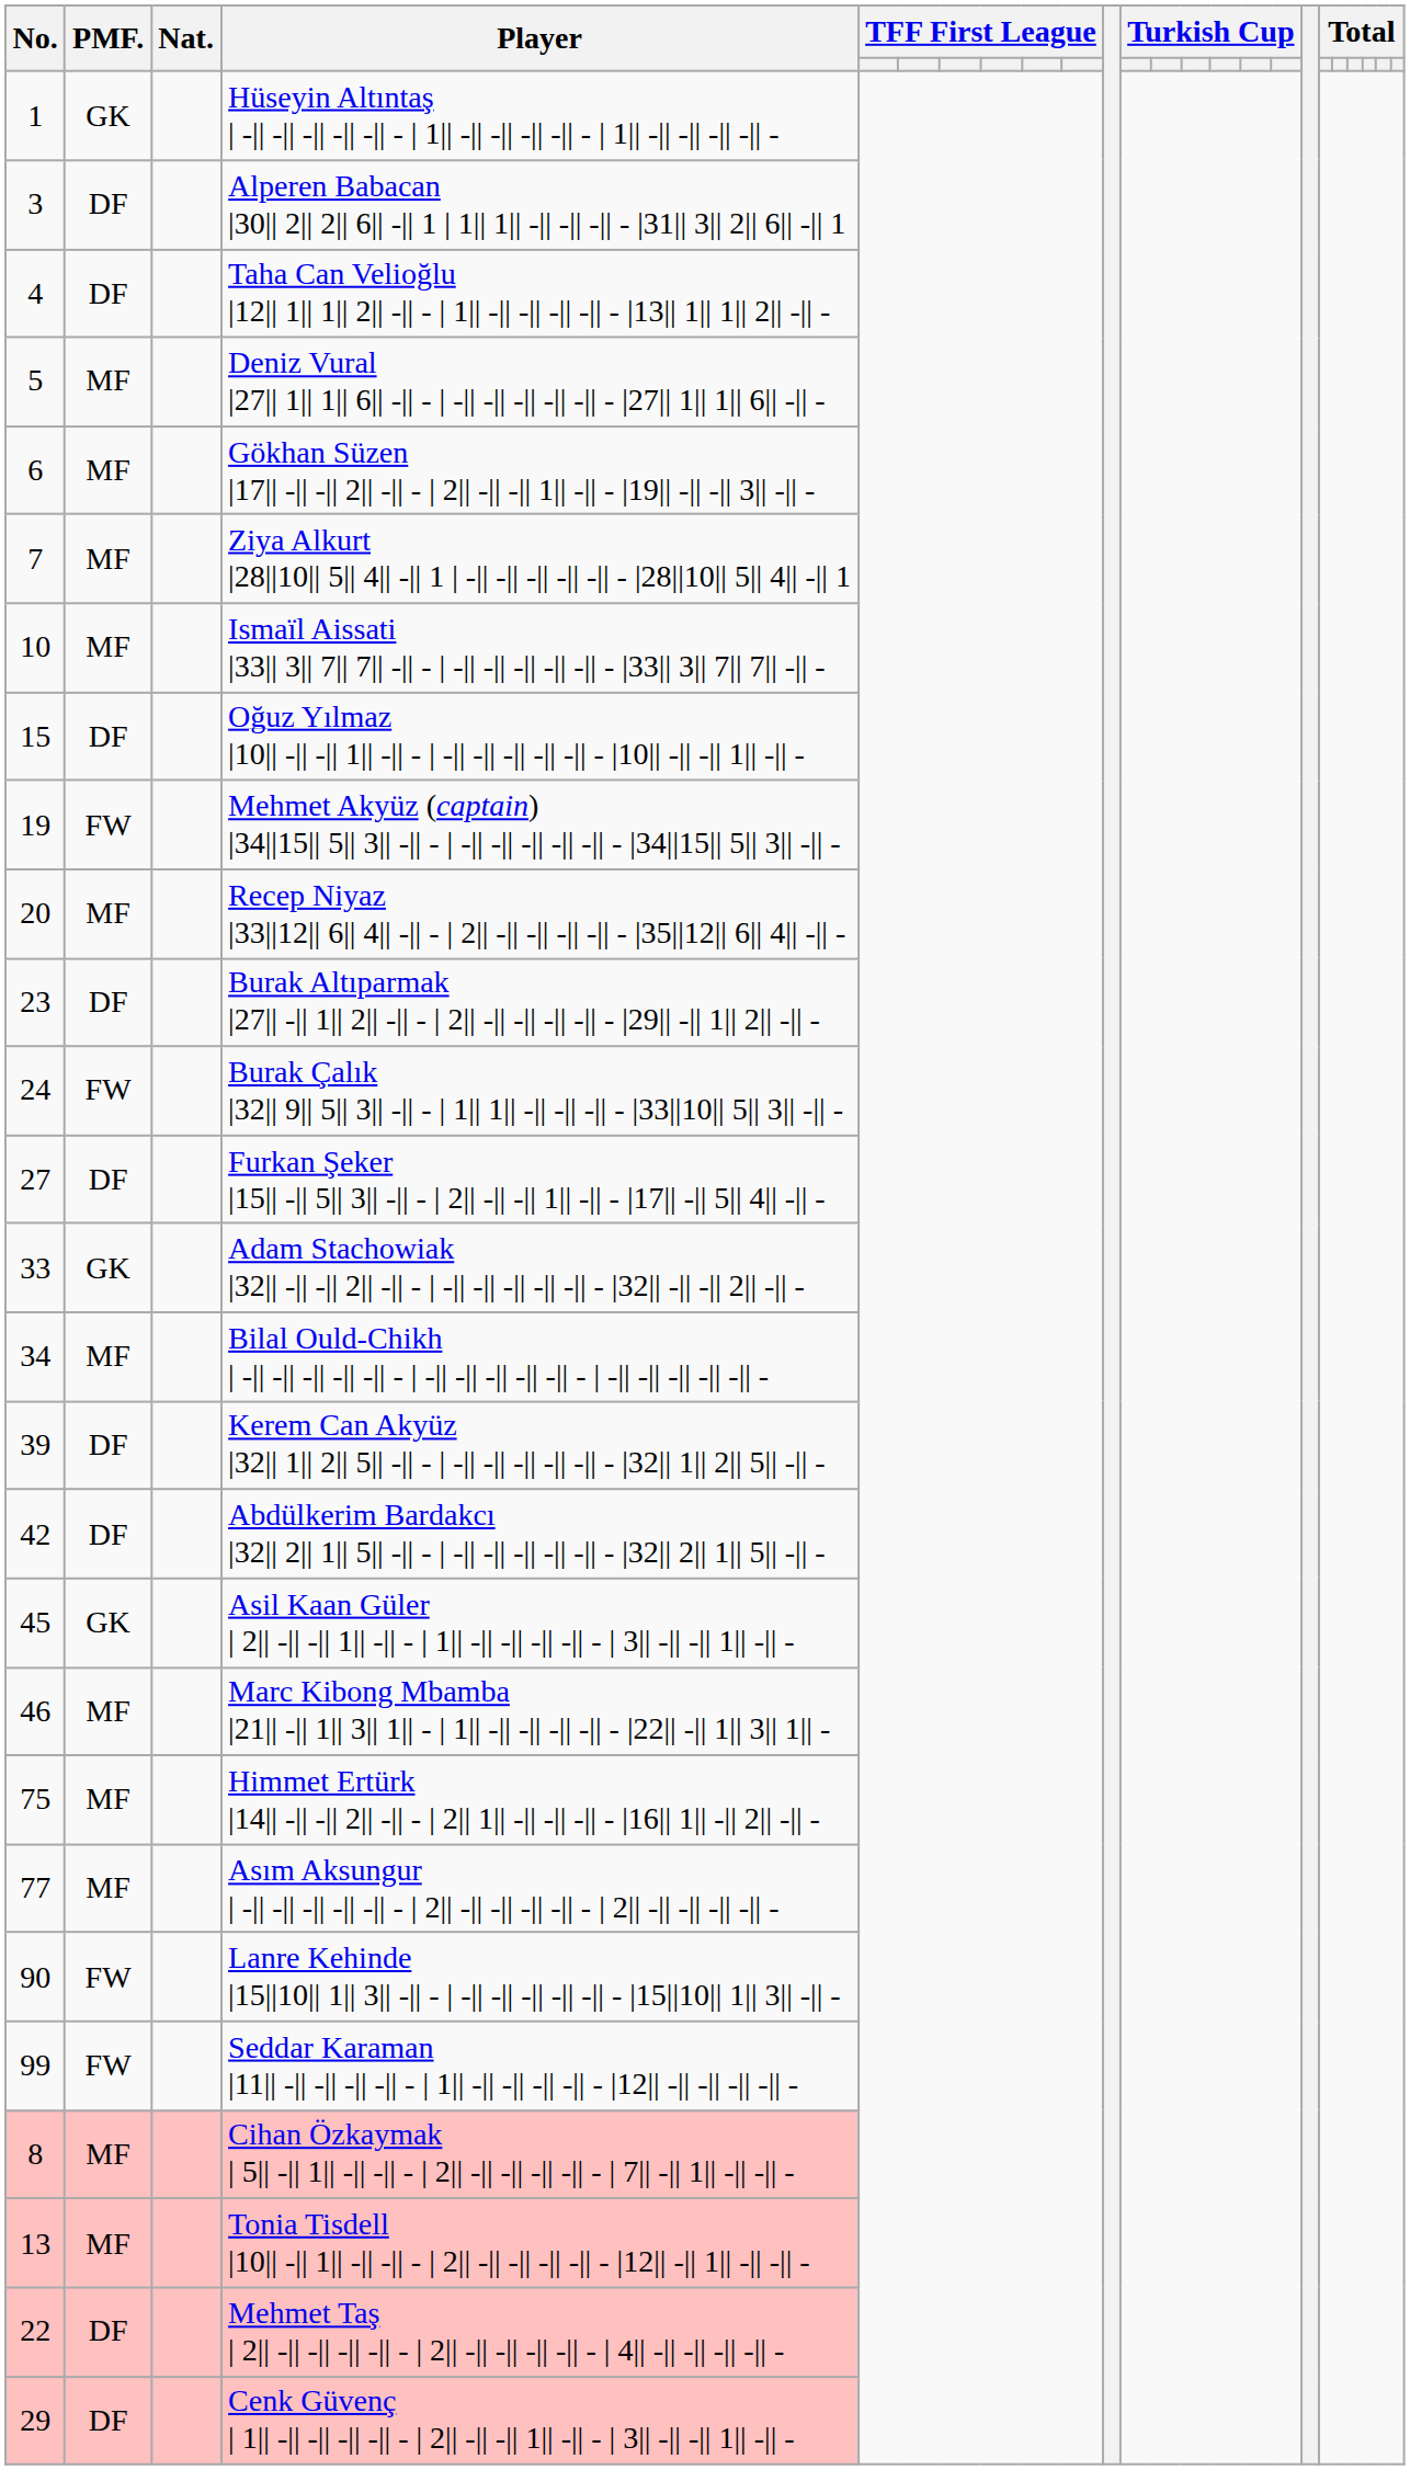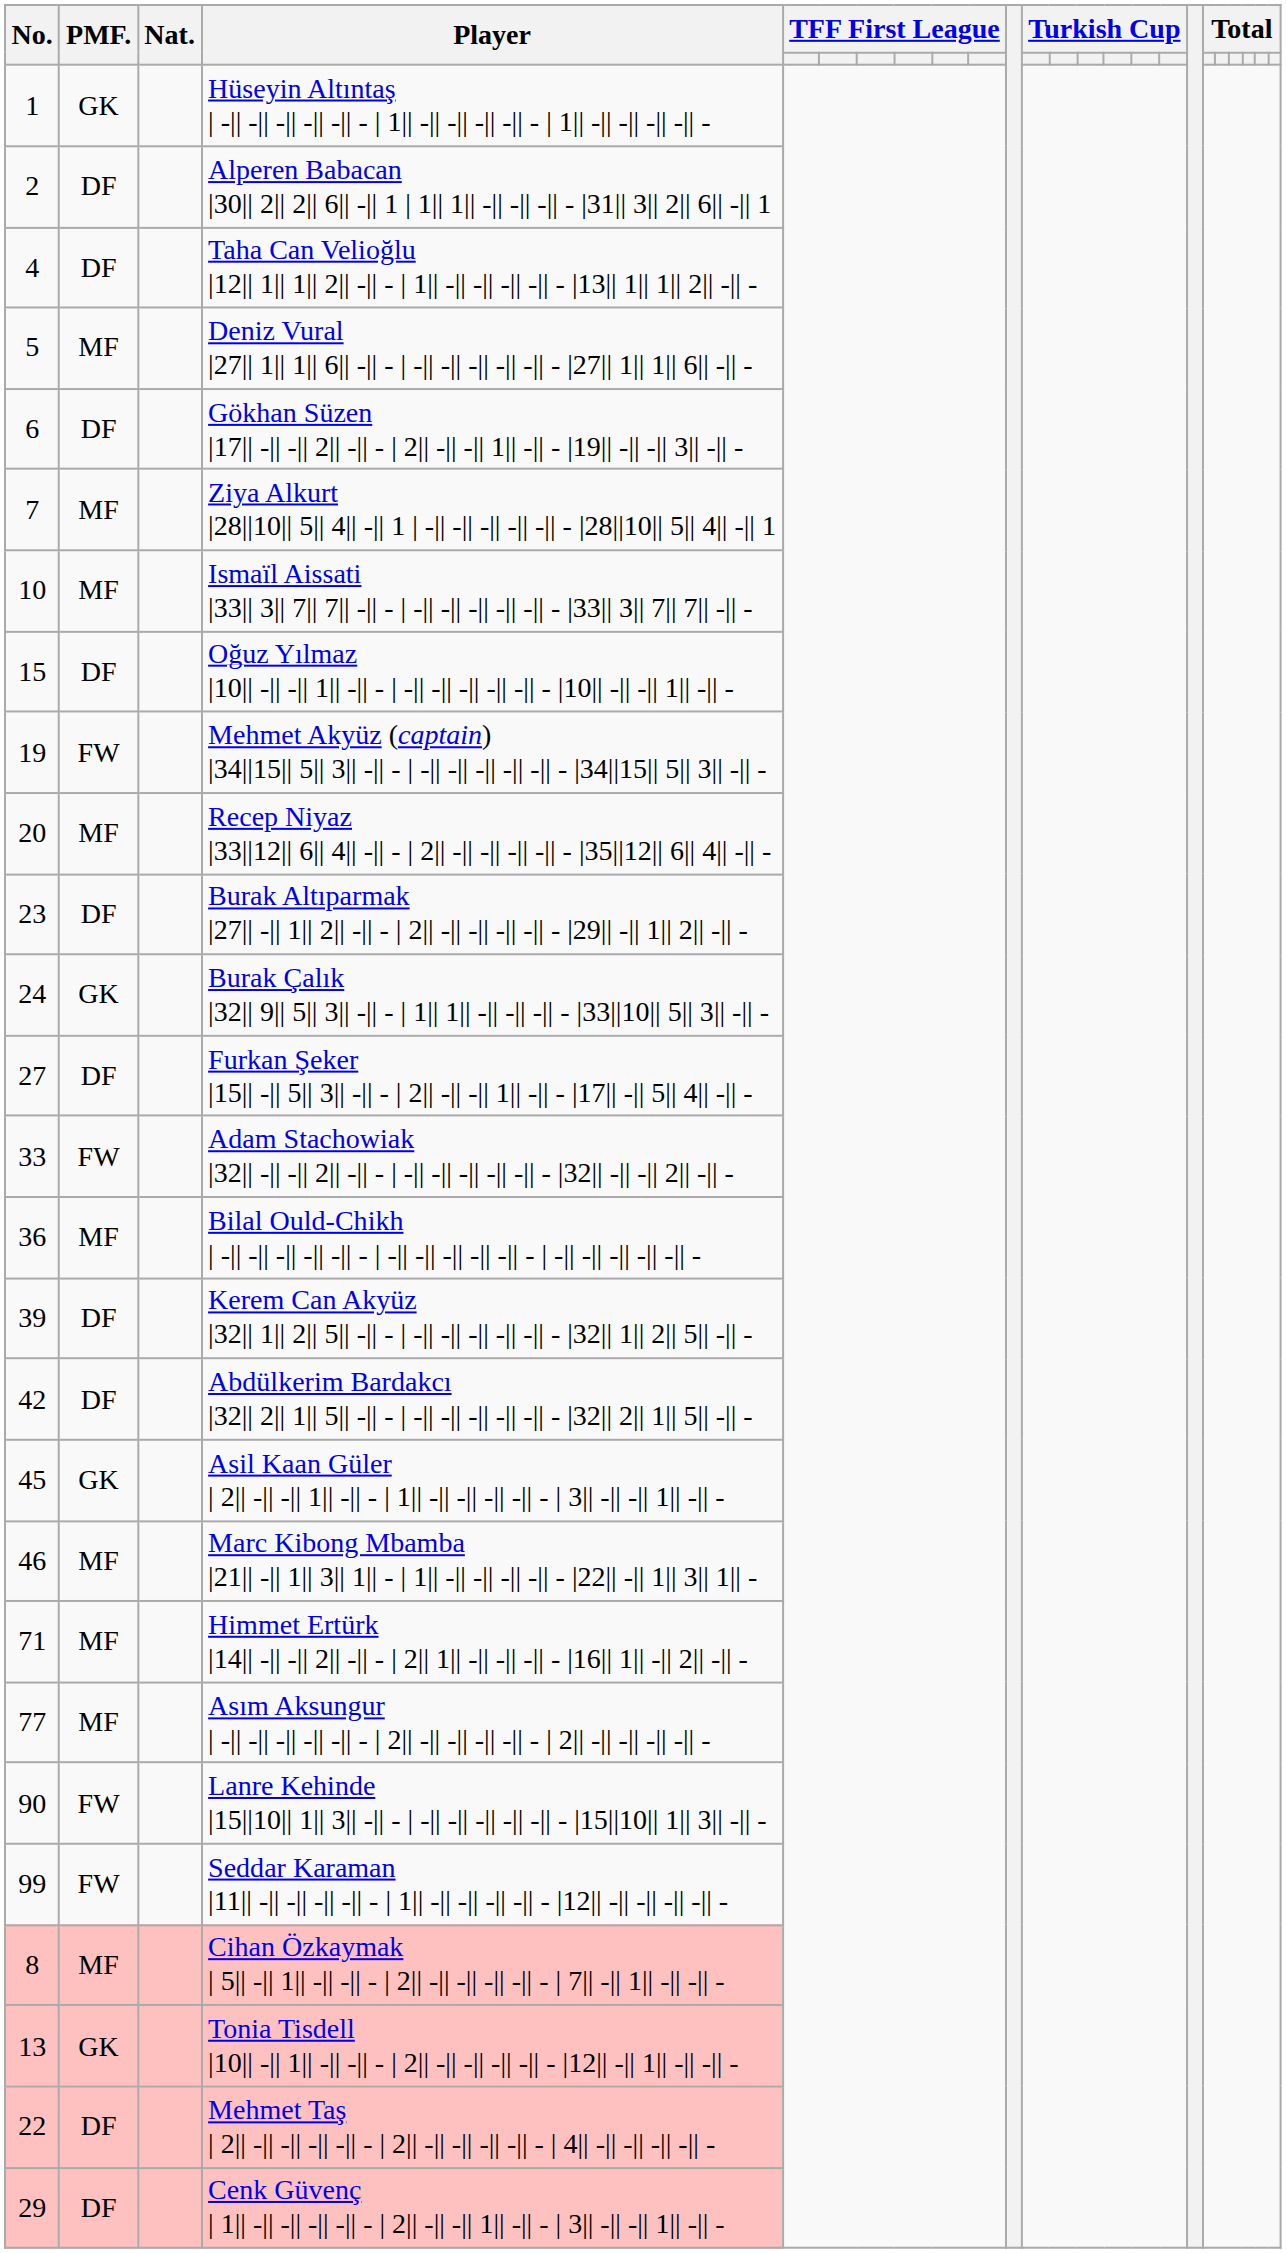 <table class="wikitable" style="text-align: center; font-size:88%;">
 <tr>
 <th rowspan="2">No.</th>
 <th rowspan="2">PMF.</th>
 <th rowspan="2">Nat.</th>
 <th rowspan="2">Player</th>
 <th colspan="6"><a href='#'>TFF First League</a></th>
 <th rowspan="50" width="1"></th>
 <th colspan="6"><a href='#'>Turkish Cup</a></th>
 <th rowspan="50" width="1"></th>
 <th colspan="6">Total</th>
 </tr>
 <tr class="unsortable">
 <th></th>
 <th></th>
 <th></th>
 <th></th>
 <th></th>
 <th></th>
 <th></th>
 <th></th>
 <th></th>
 <th></th>
 <th></th>
 <th></th>
 <th></th>
 <th></th>
 <th></th>
 <th></th>
 <th></th>
 <th></th>
 </tr>
 <tr>
 <td>1</td>
 <td>GK</td>
 <td></td>
 <td align=left><a href='#'>Hüseyin Altıntaş</a><br>             | -|| -|| -|| -|| -|| -         | 1|| -|| -|| -|| -|| -               | 1|| -|| -|| -|| -|| -</td>
 </tr>
 <tr>
-<td>3</td>
+<td>2</td>
 <td>DF</td>
 <td></td>
 <td align=left><a href='#'>Alperen Babacan</a><br>             |30|| 2|| 2|| 6|| -|| 1         | 1|| 1|| -|| -|| -|| -               |31|| 3|| 2|| 6|| -|| 1</td>
 </tr>
 <tr>
 <td>4</td>
 <td>DF</td>
 <td></td>
 <td align=left><a href='#'>Taha Can Velioğlu</a><br>             |12|| 1|| 1|| 2|| -|| -         | 1|| -|| -|| -|| -|| -               |13|| 1|| 1|| 2|| -|| -</td>
 </tr>
 <tr>
 <td>5</td>
 <td>MF</td>
 <td></td>
 <td align=left><a href='#'>Deniz Vural</a><br>             |27|| 1|| 1|| 6|| -|| -         | -|| -|| -|| -|| -|| -               |27|| 1|| 1|| 6|| -|| -</td>
 </tr>
 <tr>
 <td>6</td>
-<td>MF</td>
+<td>DF</td>
 <td></td>
 <td align=left><a href='#'>Gökhan Süzen</a><br>             |17|| -|| -|| 2|| -|| -         | 2|| -|| -|| 1|| -|| -               |19|| -|| -|| 3|| -|| -</td>
 </tr>
 <tr>
 <td>7</td>
 <td>MF</td>
 <td></td>
 <td align=left><a href='#'>Ziya Alkurt</a><br>             |28||10|| 5|| 4|| -|| 1         | -|| -|| -|| -|| -|| -               |28||10|| 5|| 4|| -|| 1</td>
 </tr>
 <tr>
 <td>10</td>
 <td>MF</td>
 <td></td>
 <td align=left><a href='#'>Ismaïl Aissati</a><br>             |33|| 3|| 7|| 7|| -|| -         | -|| -|| -|| -|| -|| -               |33|| 3|| 7|| 7|| -|| -</td>
 </tr>
 <tr>
 <td>15</td>
 <td>DF</td>
 <td></td>
 <td align=left><a href='#'>Oğuz Yılmaz</a><br>             |10|| -|| -|| 1|| -|| -         | -|| -|| -|| -|| -|| -               |10|| -|| -|| 1|| -|| -</td>
 </tr>
 <tr>
 <td>19</td>
 <td>FW</td>
 <td></td>
 <td align=left><a href='#'>Mehmet Akyüz</a> (<em><a href='#'>captain</a></em>)<br>             |34||15|| 5|| 3|| -|| -         | -|| -|| -|| -|| -|| -               |34||15|| 5|| 3|| -|| -</td>
 </tr>
 <tr>
 <td>20</td>
 <td>MF</td>
 <td></td>
 <td align=left><a href='#'>Recep Niyaz</a><br>             |33||12|| 6|| 4|| -|| -         | 2|| -|| -|| -|| -|| -               |35||12|| 6|| 4|| -|| -</td>
 </tr>
 <tr>
 <td>23</td>
 <td>DF</td>
 <td></td>
 <td align=left><a href='#'>Burak Altıparmak</a><br>             |27|| -|| 1|| 2|| -|| -         | 2|| -|| -|| -|| -|| -               |29|| -|| 1|| 2|| -|| -</td>
 </tr>
 <tr>
 <td>24</td>
-<td>FW</td>
+<td>GK</td>
 <td></td>
 <td align=left><a href='#'>Burak Çalık</a><br>             |32|| 9|| 5|| 3|| -|| -         | 1|| 1|| -|| -|| -|| -               |33||10|| 5|| 3|| -|| -</td>
 </tr>
 <tr>
 <td>27</td>
 <td>DF</td>
 <td></td>
 <td align=left><a href='#'>Furkan Şeker</a><br>             |15|| -|| 5|| 3|| -|| -         | 2|| -|| -|| 1|| -|| -               |17|| -|| 5|| 4|| -|| -</td>
 </tr>
 <tr>
 <td>33</td>
-<td>GK</td>
+<td>FW</td>
 <td></td>
 <td align=left><a href='#'>Adam Stachowiak</a><br>             |32|| -|| -|| 2|| -|| -         | -|| -|| -|| -|| -|| -               |32|| -|| -|| 2|| -|| -</td>
 </tr>
 <tr>
-<td>34</td>
+<td>36</td>
 <td>MF</td>
 <td></td>
 <td align=left><a href='#'>Bilal Ould-Chikh</a><br>             | -|| -|| -|| -|| -|| -         | -|| -|| -|| -|| -|| -               | -|| -|| -|| -|| -|| -</td>
 </tr>
 <tr>
 <td>39</td>
 <td>DF</td>
 <td></td>
 <td align=left><a href='#'>Kerem Can Akyüz</a><br>             |32|| 1|| 2|| 5|| -|| -         | -|| -|| -|| -|| -|| -               |32|| 1|| 2|| 5|| -|| -</td>
 </tr>
 <tr>
 <td>42</td>
 <td>DF</td>
 <td></td>
 <td align=left><a href='#'>Abdülkerim Bardakcı</a><br>             |32|| 2|| 1|| 5|| -|| -         | -|| -|| -|| -|| -|| -               |32|| 2|| 1|| 5|| -|| -</td>
 </tr>
 <tr>
 <td>45</td>
 <td>GK</td>
 <td></td>
 <td align=left><a href='#'>Asil Kaan Güler</a><br>             | 2|| -|| -|| 1|| -|| -         | 1|| -|| -|| -|| -|| -               | 3|| -|| -|| 1|| -|| -</td>
 </tr>
 <tr>
 <td>46</td>
 <td>MF</td>
 <td></td>
 <td align=left><a href='#'>Marc Kibong Mbamba</a><br>             |21|| -|| 1|| 3|| 1|| -         | 1|| -|| -|| -|| -|| -               |22|| -|| 1|| 3|| 1|| -</td>
 </tr>
 <tr>
-<td>75</td>
+<td>71</td>
 <td>MF</td>
 <td></td>
 <td align=left><a href='#'>Himmet Ertürk</a><br>             |14|| -|| -|| 2|| -|| -         | 2|| 1|| -|| -|| -|| -               |16|| 1|| -|| 2|| -|| -</td>
 </tr>
 <tr>
 <td>77</td>
 <td>MF</td>
 <td></td>
 <td align=left><a href='#'>Asım Aksungur</a><br>             | -|| -|| -|| -|| -|| -         | 2|| -|| -|| -|| -|| -               | 2|| -|| -|| -|| -|| -</td>
 </tr>
 <tr>
 <td>90</td>
 <td>FW</td>
 <td></td>
 <td align=left><a href='#'>Lanre Kehinde</a><br>             |15||10|| 1|| 3|| -|| -         | -|| -|| -|| -|| -|| -               |15||10|| 1|| 3|| -|| -</td>
 </tr>
 <tr>
 <td>99</td>
 <td>FW</td>
 <td></td>
 <td align=left><a href='#'>Seddar Karaman</a><br>             |11|| -|| -|| -|| -|| -         | 1|| -|| -|| -|| -|| -               |12|| -|| -|| -|| -|| -</td>
 </tr>
 <tr bgcolor=#ffchch>
 <td>8</td>
 <td>MF</td>
 <td></td>
 <td align=left><a href='#'>Cihan Özkaymak</a><br>             | 5|| -|| 1|| -|| -|| -         | 2|| -|| -|| -|| -|| -               | 7|| -|| 1|| -|| -|| -</td>
 </tr>
 <tr bgcolor=#ffchch>
 <td>13</td>
-<td>MF</td>
+<td>GK</td>
 <td></td>
 <td align=left><a href='#'>Tonia Tisdell</a><br>             |10|| -|| 1|| -|| -|| -         | 2|| -|| -|| -|| -|| -               |12|| -|| 1|| -|| -|| -</td>
 </tr>
 <tr bgcolor=#ffchch>
 <td>22</td>
 <td>DF</td>
 <td></td>
 <td align=left><a href='#'>Mehmet Taş</a><br>             | 2|| -|| -|| -|| -|| -         | 2|| -|| -|| -|| -|| -               | 4|| -|| -|| -|| -|| -</td>
 </tr>
 <tr bgcolor=#ffchch>
 <td>29</td>
 <td>DF</td>
 <td></td>
 <td align=left><a href='#'>Cenk Güvenç</a><br>             | 1|| -|| -|| -|| -|| -         | 2|| -|| -|| 1|| -|| -               | 3|| -|| -|| 1|| -|| -</td>
 </tr>
 </table>
